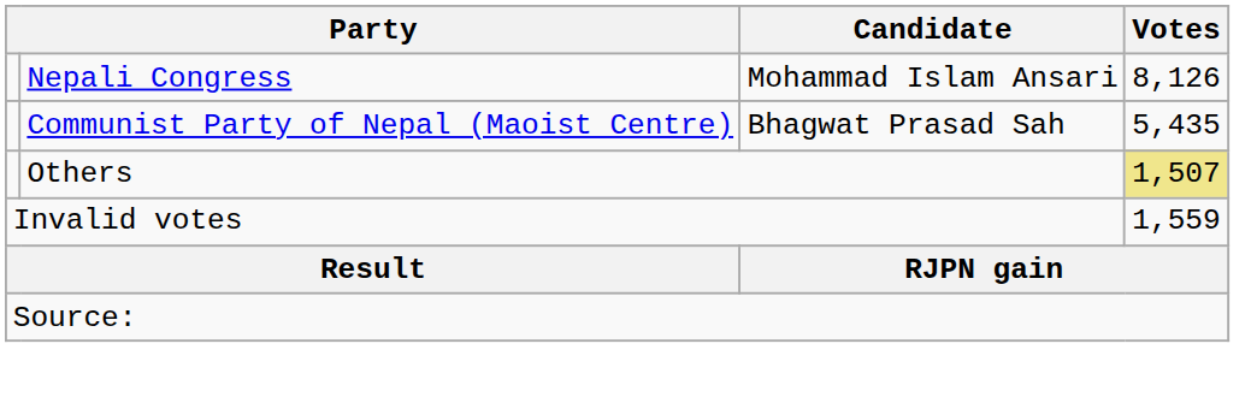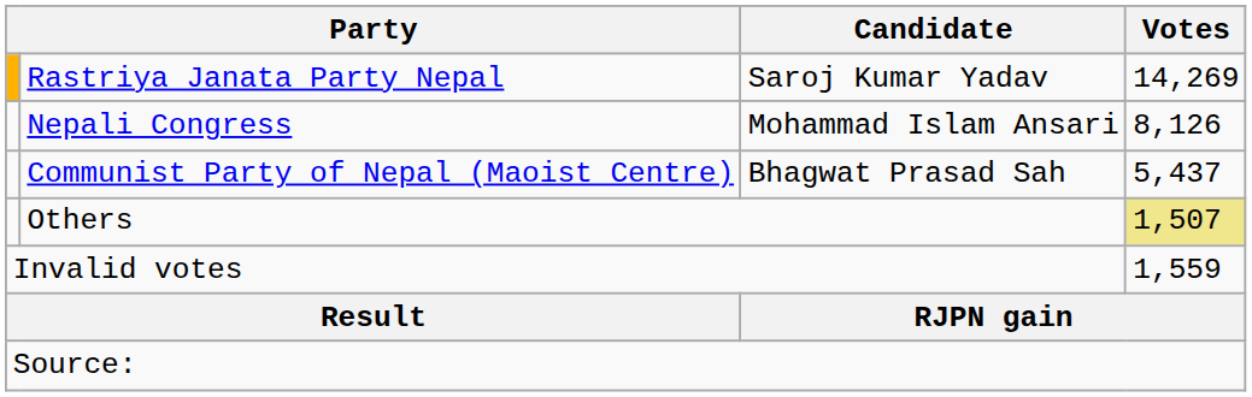 <table class="wikitable">
 <tr>
 <th colspan="2">Party</th>
 <th>Candidate</th>
 <th>Votes</th>
+</tr>
+<tr>
+<td style="background-color:#ffb300"></td>
+<td><a href='#'>Rastriya Janata Party Nepal</a></td>
+<td>Saroj Kumar Yadav</td>
+<td>14,269</td>
 </tr>
 <tr>
 <td style="background-color:"></td>
 <td><a href='#'>Nepali Congress</a></td>
 <td>Mohammad Islam Ansari</td>
 <td>8,126</td>
 </tr>
 <tr>
 <td style="background-color:"></td>
 <td><a href='#'>Communist Party of Nepal (Maoist Centre)</a></td>
 <td>Bhagwat Prasad Sah</td>
-<td>5,435</td>
+<td>5,437</td>
 </tr>
 <tr>
 <td></td>
 <td colspan="2">Others</td>
 <td style="background: khaki;">1,507</td>
 </tr>
 <tr>
 <td colspan="3">Invalid votes</td>
 <td>1,559</td>
 </tr>
 <tr>
 <th colspan="2">Result</th>
 <th colspan="2">RJPN gain</th>
 </tr>
 <tr>
 <td colspan="4">Source: </td>
 </tr>
 </table>
